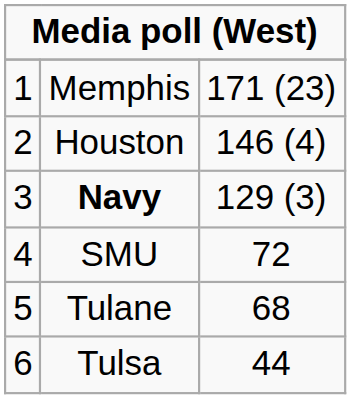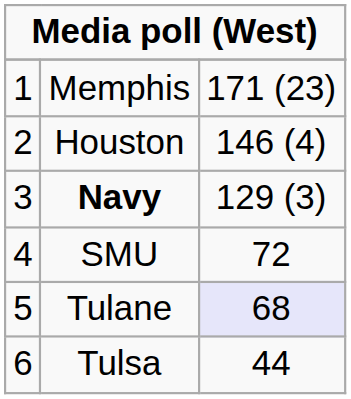 <table class="wikitable">
 <tr align="center">
 <td align="center" Colspan="3"><strong>Media poll (West)</strong></td>
 </tr>
 <tr align="center">
 </tr>
 <tr align="center">
 <td>1</td>
 <td>Memphis</td>
 <td>171 (23)</td>
 </tr>
 <tr align="center">
 <td>2</td>
 <td>Houston</td>
 <td>146 (4)</td>
 </tr>
 <tr align="center">
 <td>3</td>
 <td><strong>Navy</strong></td>
 <td>129 (3)</td>
 </tr>
 <tr align="center">
 <td>4</td>
 <td>SMU</td>
 <td>72</td>
 </tr>
 <tr align="center">
 <td>5</td>
 <td>Tulane</td>
-<td>68</td>
+<td style="background: lavender;">68</td>
 </tr>
 <tr align="center">
 <td>6</td>
 <td>Tulsa</td>
 <td>44</td>
 </tr>
 </table>
